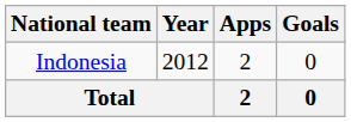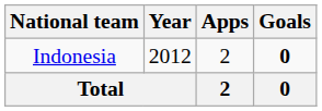 <table class=wikitable style=text-align:center>
 <tr>
 <th>National team</th>
 <th>Year</th>
 <th>Apps</th>
 <th>Goals</th>
 </tr>
 <tr>
 <td><a href='#'>Indonesia</a></td>
 <td>2012</td>
 <td>2</td>
-<td>0</td>
+<td><strong>0</strong></td>
 </tr>
 <tr>
 <th colspan=2>Total</th>
 <th>2</th>
 <th>0</th>
 </tr>
 </table>
